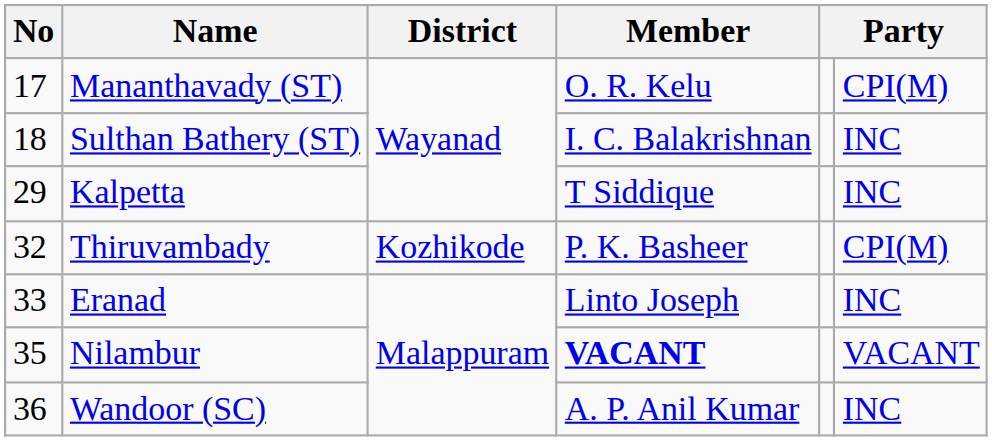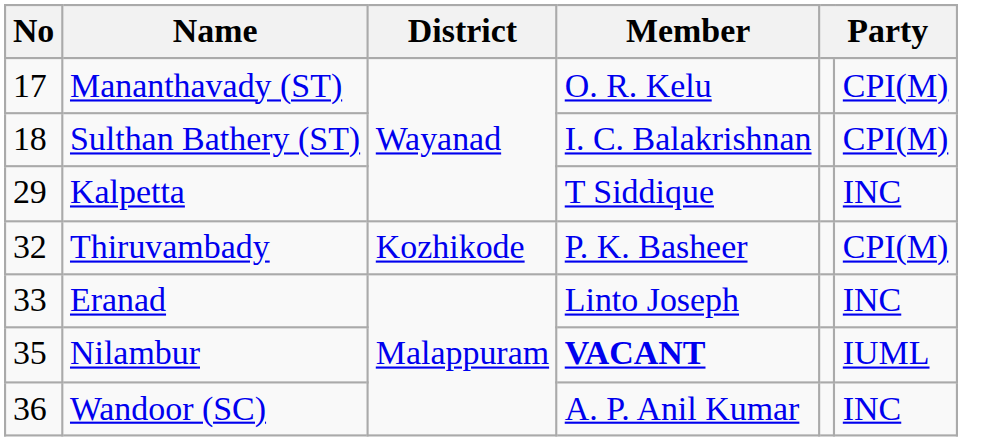 <table class="wikitable sortable">
 <tr>
 <th>No</th>
 <th>Name</th>
 <th>District</th>
 <th>Member</th>
 <th colspan="2">Party</th>
 </tr>
 <tr>
 <td>17</td>
 <td><a href='#'>Mananthavady (ST)</a></td>
 <td rowspan="3"><a href='#'>Wayanad</a></td>
 <td><a href='#'>O. R. Kelu</a></td>
 <td style="background-color:"></td>
 <td><a href='#'>CPI(M)</a></td>
 </tr>
 <tr>
 <td>18</td>
 <td><a href='#'>Sulthan Bathery (ST)</a></td>
 <td><a href='#'>I. C. Balakrishnan</a></td>
 <td style="background-color:"></td>
-<td><a href='#'>INC</a></td>
+<td><a href='#'>CPI(M)</a></td>
 </tr>
 <tr>
 <td>29</td>
 <td><a href='#'>Kalpetta</a></td>
 <td><a href='#'>T Siddique</a></td>
 <td style="background-color:"></td>
 <td><a href='#'>INC</a></td>
 </tr>
 <tr>
 <td>32</td>
 <td><a href='#'>Thiruvambady</a></td>
 <td><a href='#'>Kozhikode</a></td>
 <td><a href='#'>P. K. Basheer</a></td>
 <td style="background-color:"></td>
 <td><a href='#'>CPI(M)</a></td>
 </tr>
 <tr>
 <td>33</td>
 <td><a href='#'>Eranad</a></td>
 <td rowspan="3"><a href='#'>Malappuram</a></td>
 <td><a href='#'>Linto Joseph</a></td>
 <td style="background-color:"></td>
 <td><a href='#'>INC</a></td>
 </tr>
 <tr>
 <td>35</td>
 <td><a href='#'>Nilambur</a></td>
 <td><strong><a href='#'>VACANT</a></strong></td>
 <td style="background-color:"></td>
-<td><a href='#'>VACANT </a></td>
+<td><a href='#'>IUML</a></td>
 </tr>
 <tr>
 <td>36</td>
 <td><a href='#'>Wandoor (SC)</a></td>
 <td><a href='#'>A. P. Anil Kumar</a></td>
 <td style="background-color:"></td>
 <td><a href='#'>INC</a></td>
 </tr>
 </table>
